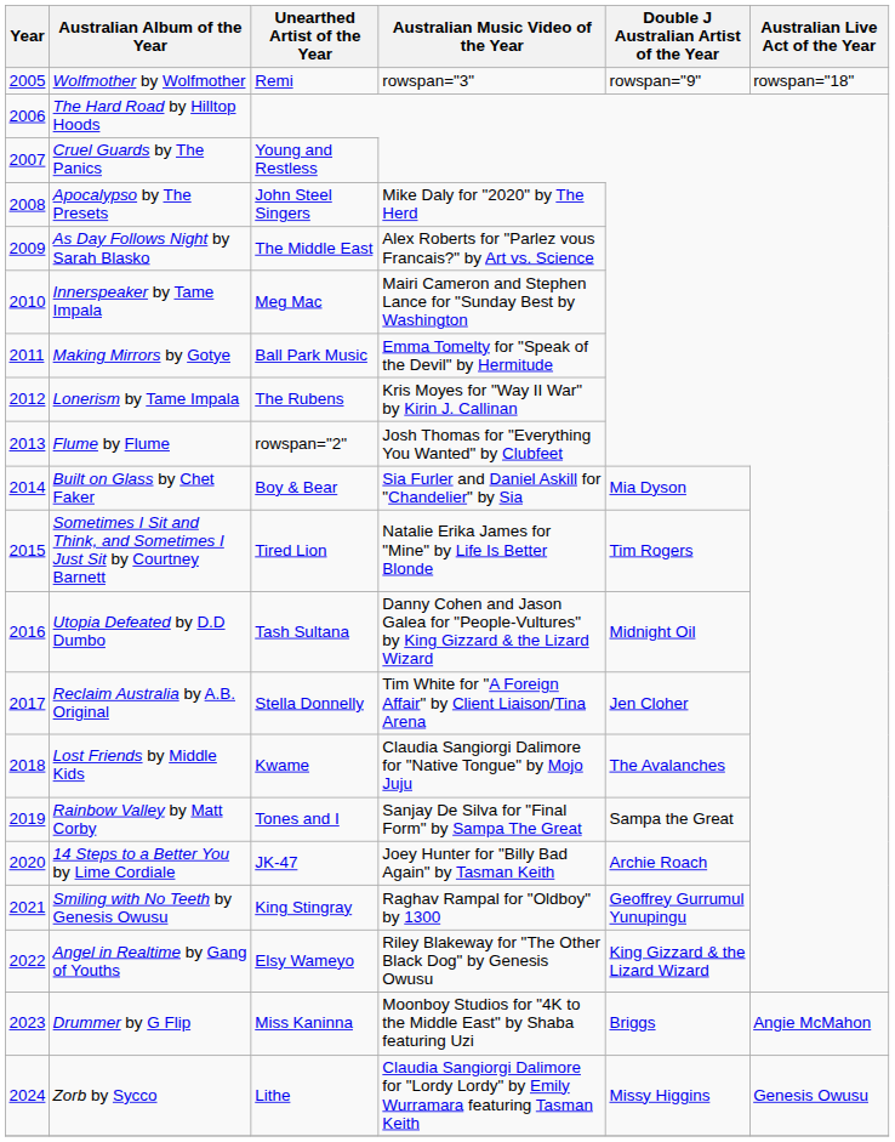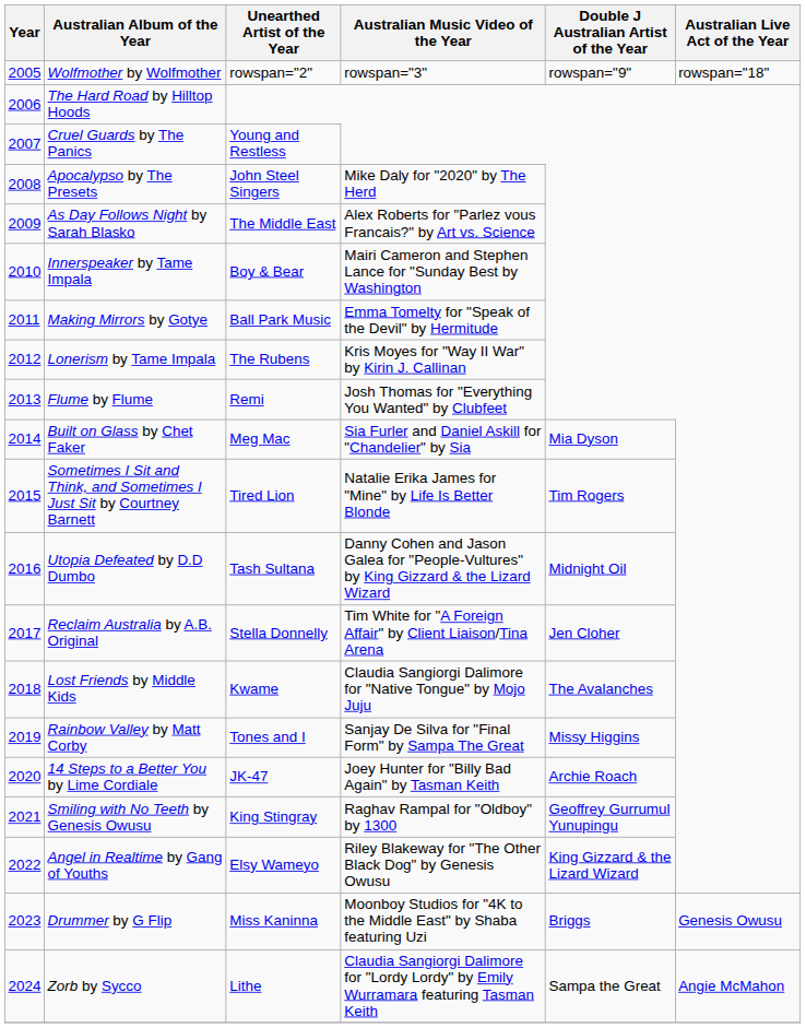 <table class="wikitable">
 <tr>
 <th>Year</th>
 <th>Australian Album of the Year</th>
 <th>Unearthed Artist of the Year</th>
 <th>Australian Music Video of the Year <br> </th>
 <th>Double J Australian Artist of the Year</th>
 <th>Australian Live Act of the Year</th>
 </tr>
 <tr>
 <td><a href='#'>2005</a></td>
 <td><em><a href='#'>Wolfmother</a></em> by <a href='#'>Wolfmother</a></td>
-<td><a href='#'>Remi</a></td>
+<td>rowspan="2" </td>
 <td>rowspan="3" </td>
 <td>rowspan="9" </td>
 <td>rowspan="18" </td>
 </tr>
 <tr>
 <td><a href='#'>2006</a></td>
 <td><em><a href='#'>The Hard Road</a></em> by <a href='#'>Hilltop Hoods</a></td>
 </tr>
 <tr>
 <td><a href='#'>2007</a></td>
 <td><em><a href='#'>Cruel Guards</a></em> by <a href='#'>The Panics</a></td>
 <td><a href='#'>Young and Restless</a></td>
 </tr>
 <tr>
 <td><a href='#'>2008</a></td>
 <td><em><a href='#'>Apocalypso</a></em> by <a href='#'>The Presets</a></td>
 <td><a href='#'>John Steel Singers</a></td>
 <td>Mike Daly for "2020" by <a href='#'>The Herd</a></td>
 </tr>
 <tr>
 <td><a href='#'>2009</a></td>
 <td><em><a href='#'>As Day Follows Night</a></em> by <a href='#'>Sarah Blasko</a></td>
 <td><a href='#'>The Middle East</a></td>
 <td>Alex Roberts for "Parlez vous Francais?" by <a href='#'>Art vs. Science</a></td>
 </tr>
 <tr>
 <td><a href='#'>2010</a></td>
 <td><em><a href='#'>Innerspeaker</a></em> by <a href='#'>Tame Impala</a></td>
-<td><a href='#'>Meg Mac</a></td>
+<td><a href='#'>Boy & Bear</a></td>
 <td>Mairi Cameron and Stephen Lance for "Sunday Best by <a href='#'>Washington</a></td>
 </tr>
 <tr>
 <td><a href='#'>2011</a></td>
 <td><em><a href='#'>Making Mirrors</a></em> by <a href='#'>Gotye</a></td>
 <td><a href='#'>Ball Park Music</a></td>
 <td><a href='#'>Emma Tomelty</a> for "Speak of the Devil" by <a href='#'>Hermitude</a></td>
 </tr>
 <tr>
 <td><a href='#'>2012</a></td>
 <td><em><a href='#'>Lonerism</a></em> by <a href='#'>Tame Impala</a></td>
 <td><a href='#'>The Rubens</a></td>
 <td>Kris Moyes for "Way II War" by <a href='#'>Kirin J. Callinan</a></td>
 </tr>
 <tr>
 <td><a href='#'>2013</a></td>
 <td><em><a href='#'>Flume</a></em> by <a href='#'>Flume</a></td>
-<td>rowspan="2" </td>
+<td><a href='#'>Remi</a></td>
 <td>Josh Thomas for "Everything You Wanted" by <a href='#'>Clubfeet</a></td>
 </tr>
 <tr>
 <td><a href='#'>2014</a></td>
 <td><em><a href='#'>Built on Glass</a></em> by <a href='#'>Chet Faker</a></td>
-<td><a href='#'>Boy & Bear</a></td>
+<td><a href='#'>Meg Mac</a></td>
 <td><a href='#'>Sia Furler</a> and <a href='#'>Daniel Askill</a> for "<a href='#'>Chandelier</a>" by <a href='#'>Sia</a></td>
 <td><a href='#'>Mia Dyson</a></td>
 </tr>
 <tr>
 <td><a href='#'>2015</a></td>
 <td><em><a href='#'>Sometimes I Sit and Think, and Sometimes I Just Sit</a></em> by <a href='#'>Courtney Barnett</a></td>
 <td><a href='#'>Tired Lion</a></td>
 <td>Natalie Erika James for "Mine" by <a href='#'>Life Is Better Blonde</a></td>
 <td><a href='#'>Tim Rogers</a></td>
 </tr>
 <tr>
 <td><a href='#'>2016</a></td>
 <td><em><a href='#'>Utopia Defeated</a></em> by <a href='#'>D.D Dumbo</a></td>
 <td><a href='#'>Tash Sultana</a></td>
 <td>Danny Cohen and Jason Galea for "People-Vultures" by <a href='#'>King Gizzard & the Lizard Wizard</a></td>
 <td><a href='#'>Midnight Oil</a></td>
 </tr>
 <tr>
 <td><a href='#'>2017</a></td>
 <td><em><a href='#'>Reclaim Australia</a></em> by <a href='#'>A.B. Original</a></td>
 <td><a href='#'>Stella Donnelly</a></td>
 <td>Tim White for "<a href='#'>A Foreign Affair</a>" by <a href='#'>Client Liaison</a>/<a href='#'>Tina Arena</a></td>
 <td><a href='#'>Jen Cloher</a></td>
 </tr>
 <tr>
 <td><a href='#'>2018</a></td>
 <td><em><a href='#'>Lost Friends</a></em> by <a href='#'>Middle Kids</a></td>
 <td><a href='#'>Kwame</a></td>
 <td>Claudia Sangiorgi Dalimore for "Native Tongue" by <a href='#'>Mojo Juju</a></td>
 <td><a href='#'>The Avalanches</a></td>
 </tr>
 <tr>
 <td><a href='#'>2019</a></td>
 <td><em><a href='#'>Rainbow Valley</a></em> by <a href='#'>Matt Corby</a></td>
 <td><a href='#'>Tones and I</a></td>
 <td>Sanjay De Silva for "Final Form" by <a href='#'>Sampa The Great</a></td>
-<td>Sampa the Great</td>
+<td><a href='#'>Missy Higgins</a></td>
 </tr>
 <tr>
 <td><a href='#'>2020</a></td>
 <td><em><a href='#'>14 Steps to a Better You</a></em> by <a href='#'>Lime Cordiale</a></td>
 <td><a href='#'>JK-47</a></td>
 <td>Joey Hunter for "Billy Bad Again" by <a href='#'>Tasman Keith</a></td>
 <td><a href='#'>Archie Roach</a></td>
 </tr>
 <tr>
 <td><a href='#'>2021</a></td>
 <td><em><a href='#'>Smiling with No Teeth</a></em> by <a href='#'>Genesis Owusu</a></td>
 <td><a href='#'>King Stingray</a></td>
 <td>Raghav Rampal for "Oldboy" by <a href='#'>1300</a></td>
 <td><a href='#'>Geoffrey Gurrumul Yunupingu</a></td>
 </tr>
 <tr>
 <td><a href='#'>2022</a></td>
 <td><em><a href='#'>Angel in Realtime</a></em> by <a href='#'>Gang of Youths</a></td>
 <td><a href='#'>Elsy Wameyo</a></td>
 <td>Riley Blakeway for "The Other Black Dog" by Genesis Owusu</td>
 <td><a href='#'>King Gizzard & the Lizard Wizard</a></td>
 </tr>
 <tr>
 <td><a href='#'>2023</a></td>
 <td><em><a href='#'>Drummer</a></em> by <a href='#'>G Flip</a></td>
 <td><a href='#'>Miss Kaninna</a></td>
 <td>Moonboy Studios for "4K to the Middle East" by Shaba featuring Uzi</td>
 <td><a href='#'>Briggs</a></td>
-<td><a href='#'>Angie McMahon</a></td>
+<td><a href='#'>Genesis Owusu</a></td>
 </tr>
 <tr>
 <td><a href='#'>2024</a></td>
 <td><em>Zorb</em> by <a href='#'>Sycco</a></td>
 <td><a href='#'>Lithe</a></td>
 <td><a href='#'>Claudia Sangiorgi Dalimore</a> for "Lordy Lordy" by <a href='#'>Emily Wurramara</a> featuring <a href='#'>Tasman Keith</a></td>
-<td><a href='#'>Missy Higgins</a></td>
-<td><a href='#'>Genesis Owusu</a></td>
+<td>Sampa the Great</td>
+<td><a href='#'>Angie McMahon</a></td>
 </tr>
 <tr>
 </tr>
 </table>
